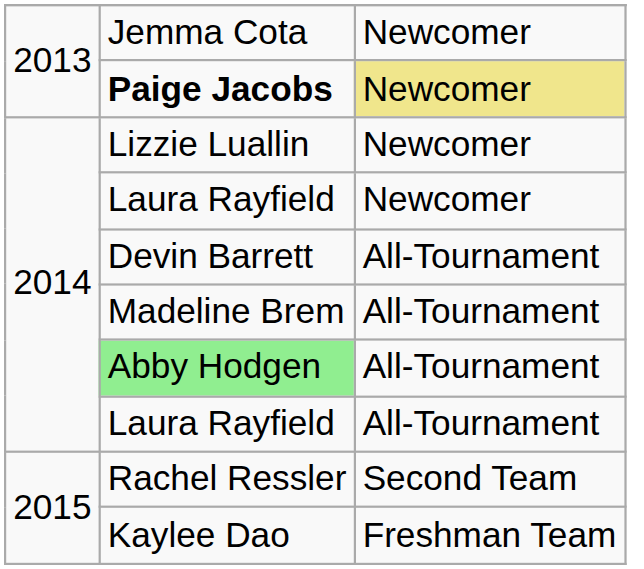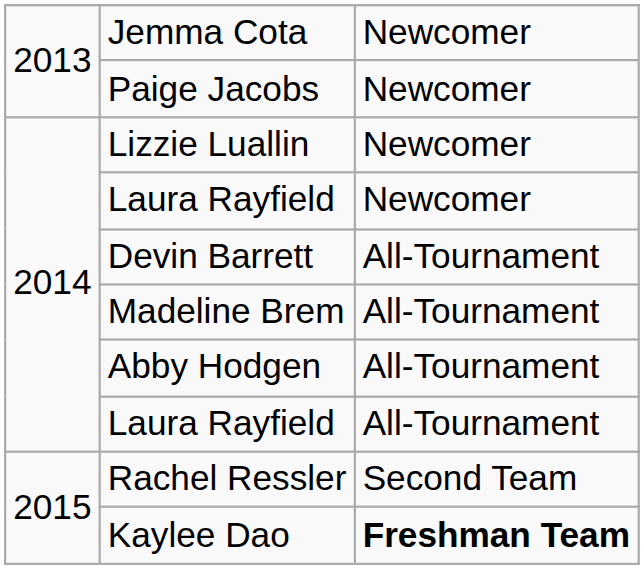 <table class="wikitable">
 <tr style="text-align:center;">
 </tr>
 <tr>
 <td rowspan="2">2013</td>
 <td>Jemma Cota</td>
 <td>Newcomer</td>
 </tr>
 <tr>
-<td><strong>Paige Jacobs</strong></td>
-<td style="background: khaki;">Newcomer</td>
+<td>Paige Jacobs</td>
+<td>Newcomer</td>
 </tr>
 <tr>
 <td rowspan="6">2014</td>
 <td>Lizzie Luallin</td>
 <td>Newcomer</td>
 </tr>
 <tr>
 <td>Laura Rayfield</td>
 <td>Newcomer</td>
 </tr>
 <tr>
 <td>Devin Barrett</td>
 <td>All-Tournament</td>
 </tr>
 <tr>
 <td>Madeline Brem</td>
 <td>All-Tournament</td>
 </tr>
 <tr>
-<td style="background: lightgreen;">Abby Hodgen</td>
+<td>Abby Hodgen</td>
 <td>All-Tournament</td>
 </tr>
 <tr>
 <td>Laura Rayfield</td>
 <td>All-Tournament</td>
 </tr>
 <tr>
 <td rowspan="2">2015</td>
 <td>Rachel Ressler</td>
 <td>Second Team</td>
 </tr>
 <tr>
 <td>Kaylee Dao</td>
-<td>Freshman Team</td>
+<td><strong>Freshman Team</strong></td>
 </tr>
 </table>
